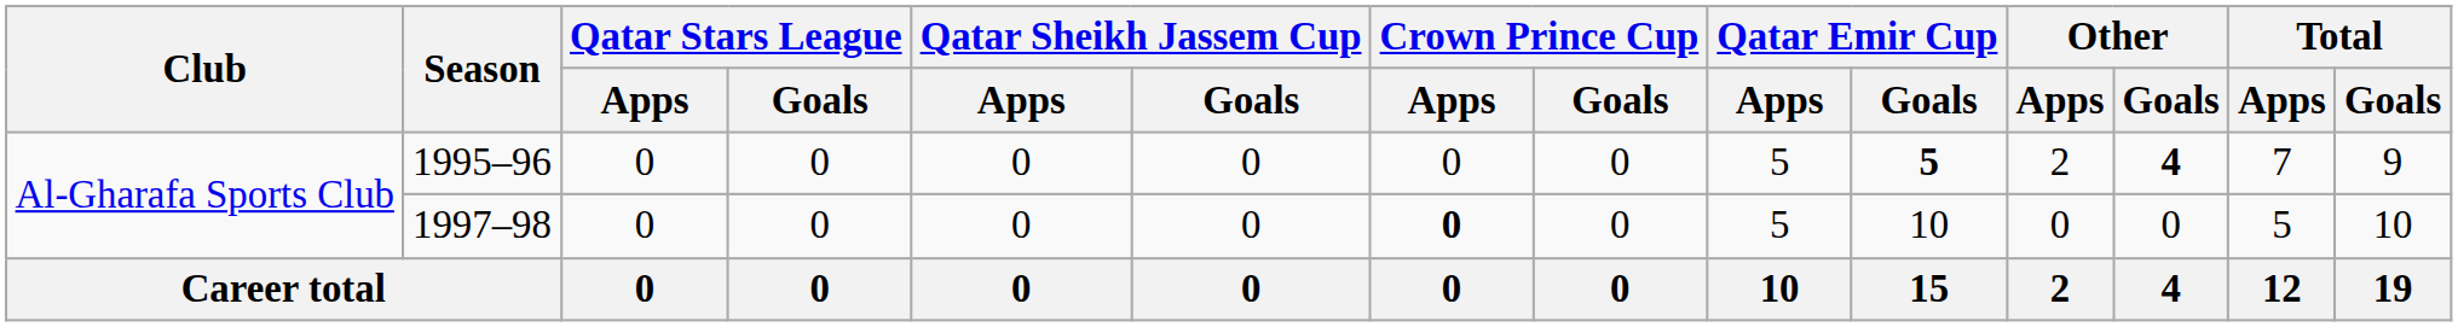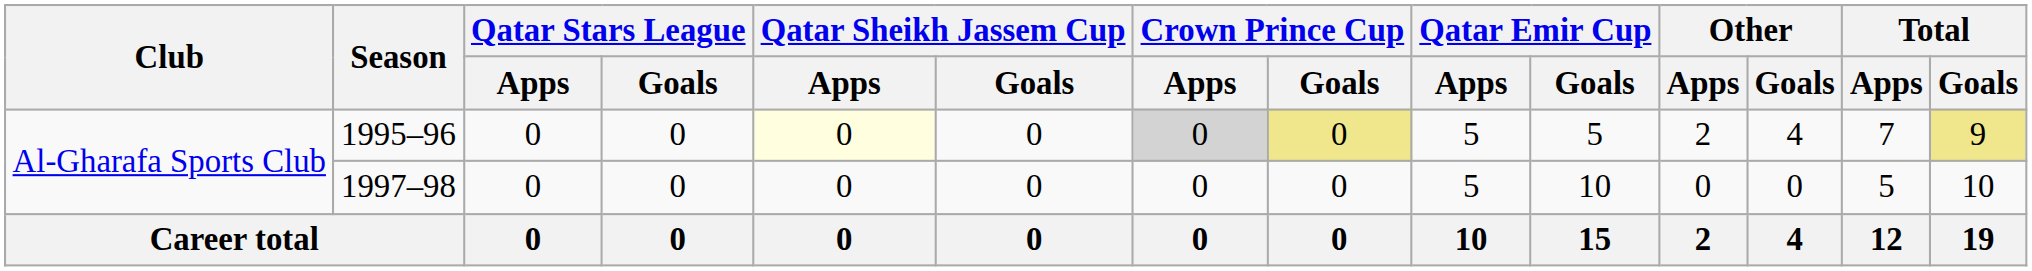 <table class="wikitable" style="text-align: center">
 <tr>
 <th rowspan="2">Club</th>
 <th rowspan="2">Season</th>
 <th colspan="2"><a href='#'>Qatar Stars League</a></th>
 <th colspan="2"><a href='#'>Qatar Sheikh Jassem Cup</a></th>
 <th colspan="2"><a href='#'>Crown Prince Cup</a></th>
 <th colspan="2"><a href='#'>Qatar Emir Cup</a></th>
 <th colspan="2">Other</th>
 <th colspan="3">Total</th>
 </tr>
 <tr>
 <th>Apps</th>
 <th>Goals</th>
 <th>Apps</th>
 <th>Goals</th>
 <th>Apps</th>
 <th>Goals</th>
 <th>Apps</th>
 <th>Goals</th>
 <th>Apps</th>
 <th>Goals</th>
 <th>Apps</th>
 <th>Goals</th>
 </tr>
 <tr>
 <td rowspan="2"><a href='#'>Al-Gharafa Sports Club</a></td>
 <td 1995–96 Al-Gharafa Sports Club season>1995–96</td>
 <td>0</td>
 <td>0</td>
+<td style="background: lightyellow;">0</td>
 <td>0</td>
-<td>0</td>
-<td>0</td>
-<td>0</td>
+<td style="background: lightgrey;">0</td>
+<td style="background: khaki;">0</td>
 <td>5</td>
-<td><strong>5</strong></td>
+<td>5</td>
 <td>2  </td>
-<td><strong>4</strong></td>
+<td>4</td>
 <td>7</td>
-<td>9</td>
+<td style="background: khaki;">9</td>
 </tr>
 <tr>
 <td 1997–98 Al-Gharafa Sports Club season>1997–98</td>
 <td>0</td>
 <td>0</td>
 <td>0</td>
 <td>0</td>
-<td><strong>0</strong></td>
+<td>0</td>
 <td>0</td>
 <td>5</td>
 <td>10</td>
 <td>0</td>
 <td>0</td>
 <td>5</td>
 <td>10</td>
 </tr>
 <tr>
 <th colspan="2">Career total</th>
 <th>0</th>
 <th>0</th>
 <th>0</th>
 <th>0</th>
 <th>0</th>
 <th>0</th>
 <th>10</th>
 <th>15</th>
 <th>2</th>
 <th>4</th>
 <th>12</th>
 <th>19</th>
 </tr>
 </table>
